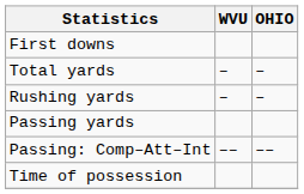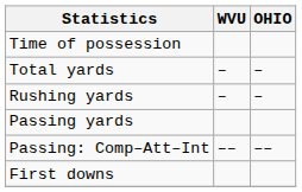 <table class="wikitable" style="float:left">
 <tr>
 <th>Statistics</th>
 <th>WVU</th>
 <th>OHIO</th>
 </tr>
 <tr>
-<td>First downs</td>
+<td>Time of possession</td>
 <td></td>
 <td></td>
 </tr>
 <tr>
 <td>Total yards</td>
 <td>–</td>
 <td>–</td>
 </tr>
 <tr>
 <td>Rushing yards</td>
 <td>–</td>
 <td>–</td>
 </tr>
 <tr>
 <td>Passing yards</td>
 <td></td>
 <td></td>
 </tr>
 <tr>
 <td>Passing: Comp–Att–Int</td>
 <td>––</td>
 <td>––</td>
 </tr>
 <tr>
-<td>Time of possession</td>
+<td>First downs</td>
 <td></td>
 <td></td>
 </tr>
 <tr>
 </tr>
 </table>
